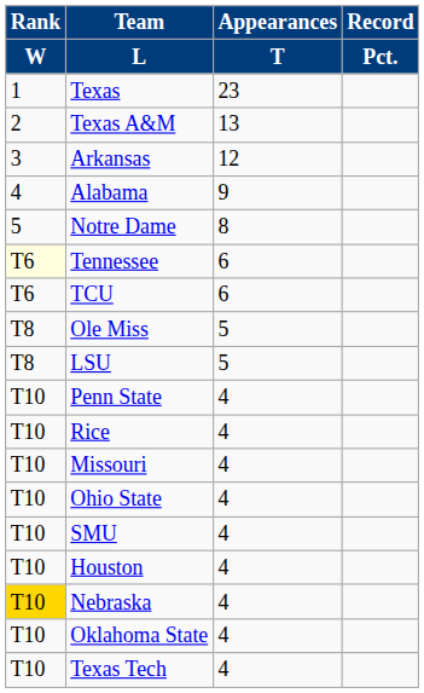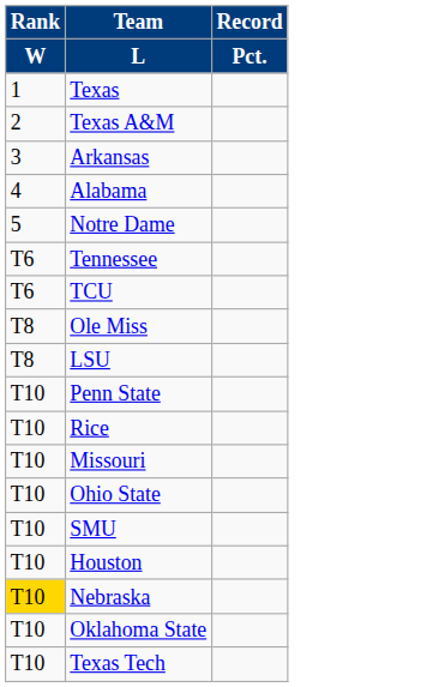 <table class = "wikitable sortable">
 <tr>
 <th style="background:#003B7B; color:#FFFFFF; ">Rank</th>
 <th style="background:#003B7B; color:#FFFFFF; ">Team</th>
-<th style="background:#003B7B; color:#FFFFFF; ">Appearances</th>
 <th style="background:#003B7B; color:#FFFFFF; ">Record</th>
 </tr>
 <tr>
 <th style="background:#003B7B; color:#FFFFFF; ">W</th>
 <th style="background:#003B7B; color:#FFFFFF; ">L</th>
-<th style="background:#003B7B; color:#FFFFFF; ">T</th>
 <th style="background:#003B7B; color:#FFFFFF; ">Pct.</th>
 </tr>
 <tr>
 <td>1</td>
 <td><a href='#'>Texas</a></td>
-<td>23</td>
 <td></td>
 </tr>
 <tr>
 <td>2</td>
 <td><a href='#'>Texas A&M</a></td>
-<td>13</td>
 <td></td>
 </tr>
 <tr>
 <td>3</td>
 <td><a href='#'>Arkansas</a></td>
-<td>12</td>
 <td></td>
 </tr>
 <tr>
 <td>4</td>
 <td><a href='#'>Alabama</a></td>
-<td>9</td>
 <td></td>
 </tr>
 <tr>
 <td>5</td>
 <td><a href='#'>Notre Dame</a></td>
-<td>8</td>
 <td></td>
 </tr>
 <tr>
-<td style="background: lightyellow;">T6</td>
+<td>T6</td>
 <td><a href='#'>Tennessee</a></td>
-<td>6</td>
 <td></td>
 </tr>
 <tr>
 <td>T6</td>
 <td><a href='#'>TCU</a></td>
-<td>6</td>
 <td></td>
 </tr>
 <tr>
 <td>T8</td>
 <td><a href='#'>Ole Miss</a></td>
-<td>5</td>
 <td></td>
 </tr>
 <tr>
 <td>T8</td>
 <td><a href='#'>LSU</a></td>
-<td>5</td>
 <td></td>
 </tr>
 <tr>
 <td>T10</td>
 <td><a href='#'>Penn State</a></td>
-<td>4</td>
 <td></td>
 </tr>
 <tr>
 <td>T10</td>
 <td><a href='#'>Rice</a></td>
-<td>4</td>
 <td></td>
 </tr>
 <tr>
 <td>T10</td>
 <td><a href='#'>Missouri</a></td>
-<td>4</td>
 <td></td>
 </tr>
 <tr>
 <td>T10</td>
 <td><a href='#'>Ohio State</a></td>
-<td>4</td>
 <td></td>
 </tr>
 <tr>
 <td>T10</td>
 <td><a href='#'>SMU</a></td>
-<td>4</td>
 <td></td>
 </tr>
 <tr>
 <td>T10</td>
 <td><a href='#'>Houston</a></td>
-<td>4</td>
 <td></td>
 </tr>
 <tr>
 <td style="background: gold;">T10</td>
 <td><a href='#'>Nebraska</a></td>
-<td>4</td>
 <td></td>
 </tr>
 <tr>
 <td>T10</td>
 <td><a href='#'>Oklahoma State</a></td>
-<td>4</td>
 <td></td>
 </tr>
 <tr>
 <td>T10</td>
 <td><a href='#'>Texas Tech</a></td>
-<td>4</td>
 <td></td>
 </tr>
 </table>
